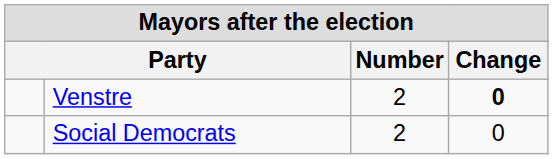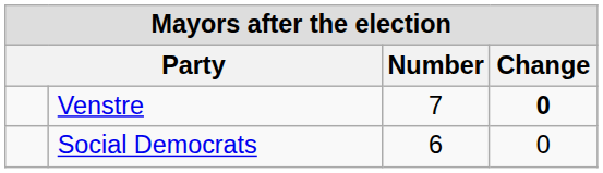 <table class="wikitable" style="">
 <tr>
 <td colspan="4" style="background:#dddddd; text-align:center;"><strong>Mayors after the election</strong></td>
 </tr>
 <tr>
 <th colspan="2">Party</th>
 <th style="width:60px;">Number</th>
 <th style="width:60px;">Change</th>
 </tr>
 <tr>
 <td style="width:20px; background:"></td>
 <td style="width:200px; padding-left:5px;"><a href='#'>Venstre</a></td>
-<td style="text-align:center;">2</td>
+<td style="text-align:center;">7</td>
 <td style="text-align:center;"><strong> 0</strong></td>
 </tr>
 <tr>
 <td style="background:"></td>
 <td style="padding-left:5px;"><a href='#'>Social Democrats</a></td>
-<td style="text-align:center;">2</td>
+<td style="text-align:center;">6</td>
 <td style="text-align:center;"> 0</td>
 </tr>
 </table>
